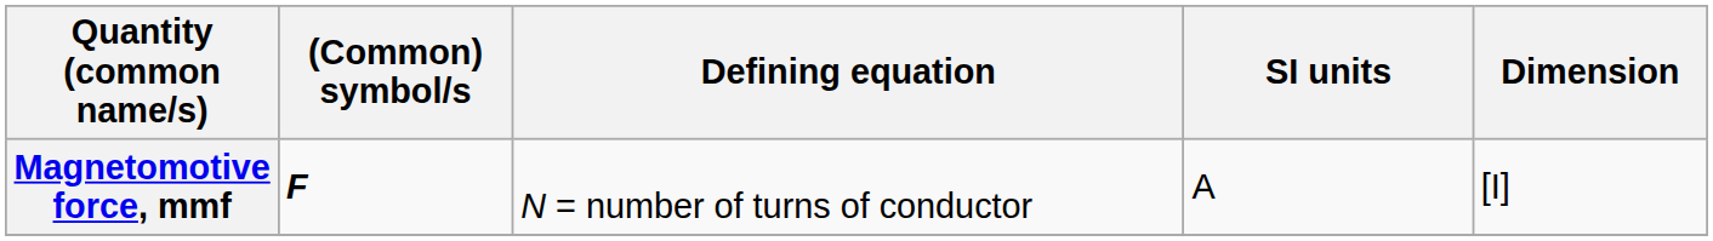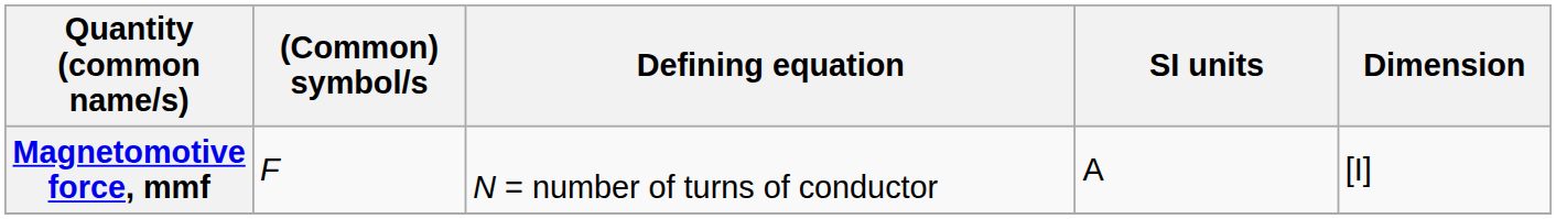 <table class="wikitable">
 <tr>
 <th scope="col" width="100">Quantity (common name/s)</th>
 <th scope="col" width="100">(Common) symbol/s</th>
 <th scope="col" width="300">Defining equation</th>
 <th scope="col" width="125">SI units</th>
 <th scope="col" width="100">Dimension</th>
 </tr>
 <tr>
 <th><a href='#'>Magnetomotive force</a>, mmf</th>
-<td><strong><em>F</em></strong></td>
+<td><em>F</em></td>
 <td><br><em>N</em> = number of turns of conductor</td>
 <td>A</td>
 <td>[I]</td>
 </tr>
 <tr>
 </tr>
 </table>
